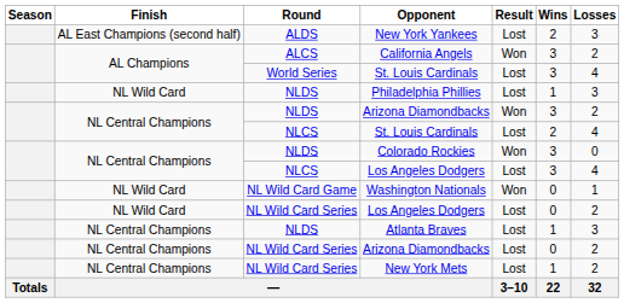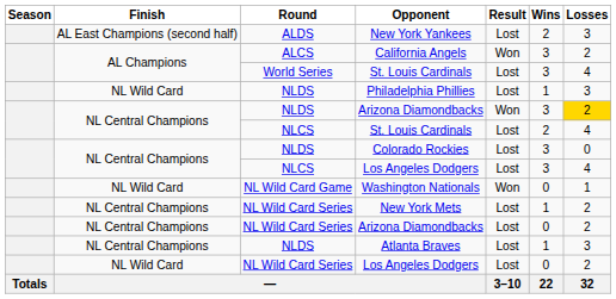 <table class="wikitable sortable plainrowheaders" style="font-size: 95%; text-align:center;">
 <tr>
 <th scope="col" style="background-color:#ffffff; border-top:#">Season</th>
 <th scope="col" style="background-color:#ffffff; border-top:#">Finish</th>
 <th scope="col" style="background-color:#ffffff; border-top:#">Round</th>
 <th scope="col" style="background-color:#ffffff; border-top:#">Opponent</th>
 <th scope="col" style="background-color:#ffffff; border-top:#">Result</th>
 <th scope="col" style="background-color:#ffffff; border-top:#">Wins</th>
 <th scope="col" style="background-color:#ffffff; border-top:#">Losses</th>
 </tr>
 <tr>
 <th scope="row" style="text-align:center;"></th>
 <td>AL East Champions (second half)</td>
 <td align="center"><a href='#'>ALDS</a></td>
 <td align="center"><a href='#'>New York Yankees</a></td>
 <td align="center">Lost</td>
 <td align="center">2</td>
 <td align="center">3</td>
 </tr>
 <tr>
 <th scope="row" style="text-align:center;" rowspan="2"></th>
 <td align="center" rowspan="2">AL Champions</td>
 <td align="center"><a href='#'>ALCS</a></td>
 <td align="center"><a href='#'>California Angels</a></td>
 <td align="center">Won</td>
 <td align="center">3</td>
 <td align="center">2</td>
 </tr>
 <tr>
 <td align="center"><a href='#'>World Series</a></td>
 <td align="center"><a href='#'>St. Louis Cardinals</a></td>
 <td align="center">Lost</td>
 <td align="center">3</td>
 <td align="center">4</td>
 </tr>
 <tr>
 <th scope="row" style="text-align:center;"></th>
 <td align="center" rowspan="1">NL Wild Card</td>
 <td align="center"><a href='#'>NLDS</a></td>
 <td align="center"><a href='#'>Philadelphia Phillies</a></td>
 <td align="center">Lost</td>
 <td align="center">1</td>
 <td align="center">3</td>
 </tr>
 <tr>
 <th scope="row" style="text-align:center;" rowspan="2"></th>
 <td align="center" rowspan="2">NL Central Champions</td>
 <td align="center"><a href='#'>NLDS</a></td>
 <td align="center"><a href='#'>Arizona Diamondbacks</a></td>
 <td align="center">Won</td>
 <td align="center">3</td>
-<td align="center">2</td>
+<td align="center" style="background: gold;">2</td>
 </tr>
 <tr>
 <td align="center"><a href='#'>NLCS</a></td>
 <td align="center"><a href='#'>St. Louis Cardinals</a></td>
 <td align="center">Lost</td>
 <td align="center">2</td>
 <td align="center">4</td>
 </tr>
 <tr>
 <th scope="row" style="text-align:center;" rowspan="2"></th>
 <td align="center" rowspan="2">NL Central Champions</td>
 <td align="center"><a href='#'>NLDS</a></td>
 <td align="center"><a href='#'>Colorado Rockies</a></td>
-<td align="center">Won</td>
+<td align="center">Lost</td>
 <td align="center">3</td>
 <td align="center">0</td>
 </tr>
 <tr>
 <td align="center"><a href='#'>NLCS</a></td>
 <td align="center"><a href='#'>Los Angeles Dodgers</a></td>
 <td align="center">Lost</td>
 <td align="center">3</td>
 <td align="center">4</td>
 </tr>
 <tr>
 <th scope="row" style="text-align:center;"></th>
 <td align="center" rowspan="1">NL Wild Card</td>
 <td align="center"><a href='#'>NL Wild Card Game</a></td>
 <td align="center"><a href='#'>Washington Nationals</a></td>
 <td align="center">Won</td>
 <td align="center">0</td>
 <td align="center">1</td>
 </tr>
 <tr>
 <th scope="row" style="text-align:center;"></th>
-<td align="center" rowspan="1">NL Wild Card</td>
+<td align="center" rowspan="1">NL Central Champions</td>
 <td align="center"><a href='#'>NL Wild Card Series</a></td>
-<td align="center"><a href='#'>Los Angeles Dodgers</a></td>
+<td align="center"><a href='#'>New York Mets</a></td>
+<td align="center">Lost</td>
+<td align="center">1</td>
+<td align="center">2</td>
+</tr>
+<tr>
+<th scope="row" style="text-align:center;"></th>
+<td align="center" rowspan="1">NL Central Champions</td>
+<td align="center"><a href='#'>NL Wild Card Series</a></td>
+<td align="center"><a href='#'>Arizona Diamondbacks</a></td>
 <td align="center">Lost</td>
 <td align="center">0</td>
 <td align="center">2</td>
 </tr>
 <tr>
 <th scope="row" style="text-align:center;"></th>
 <td align="center" rowspan="1">NL Central Champions</td>
 <td align="center"><a href='#'>NLDS</a></td>
 <td align="center"><a href='#'>Atlanta Braves</a></td>
 <td align="center">Lost</td>
 <td align="center">1</td>
 <td align="center">3</td>
 </tr>
 <tr>
 <th scope="row" style="text-align:center;"></th>
-<td align="center" rowspan="1">NL Central Champions</td>
+<td align="center" rowspan="1">NL Wild Card</td>
 <td align="center"><a href='#'>NL Wild Card Series</a></td>
-<td align="center"><a href='#'>Arizona Diamondbacks</a></td>
+<td align="center"><a href='#'>Los Angeles Dodgers</a></td>
 <td align="center">Lost</td>
 <td align="center">0</td>
-<td align="center">2</td>
-</tr>
-<tr>
-<th scope="row" style="text-align:center;"></th>
-<td align="center" rowspan="1">NL Central Champions</td>
-<td align="center"><a href='#'>NL Wild Card Series</a></td>
-<td align="center"><a href='#'>New York Mets</a></td>
-<td align="center">Lost</td>
-<td align="center">1</td>
 <td align="center">2</td>
 </tr>
 <tr>
 <th scope="row" style="text-align:center"><strong>Totals</strong></th>
 <th colspan="3">—</th>
 <th>3–10</th>
 <th>22</th>
 <th>32</th>
 </tr>
 </table>
